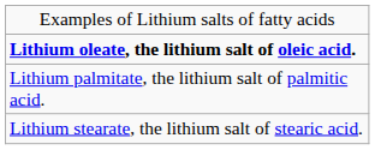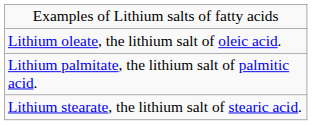 <table class="wikitable floatright" style="text-align:left" width="25%">
 <tr border="0" class="backgroundcolor6" align="center">
 <td>Examples of Lithium salts of fatty acids</td>
 </tr>
 <tr>
-<td><strong> <a href='#'>Lithium oleate</a>, the lithium salt of <a href='#'>oleic acid</a>.</strong></td>
+<td> <a href='#'>Lithium oleate</a>, the lithium salt of <a href='#'>oleic acid</a>.</td>
 </tr>
 <tr>
 <td> <a href='#'>Lithium palmitate</a>, the lithium salt of <a href='#'>palmitic acid</a>.</td>
 </tr>
 <tr>
 <td> <a href='#'>Lithium stearate</a>, the lithium salt of <a href='#'>stearic acid</a>.</td>
 </tr>
 </table>
